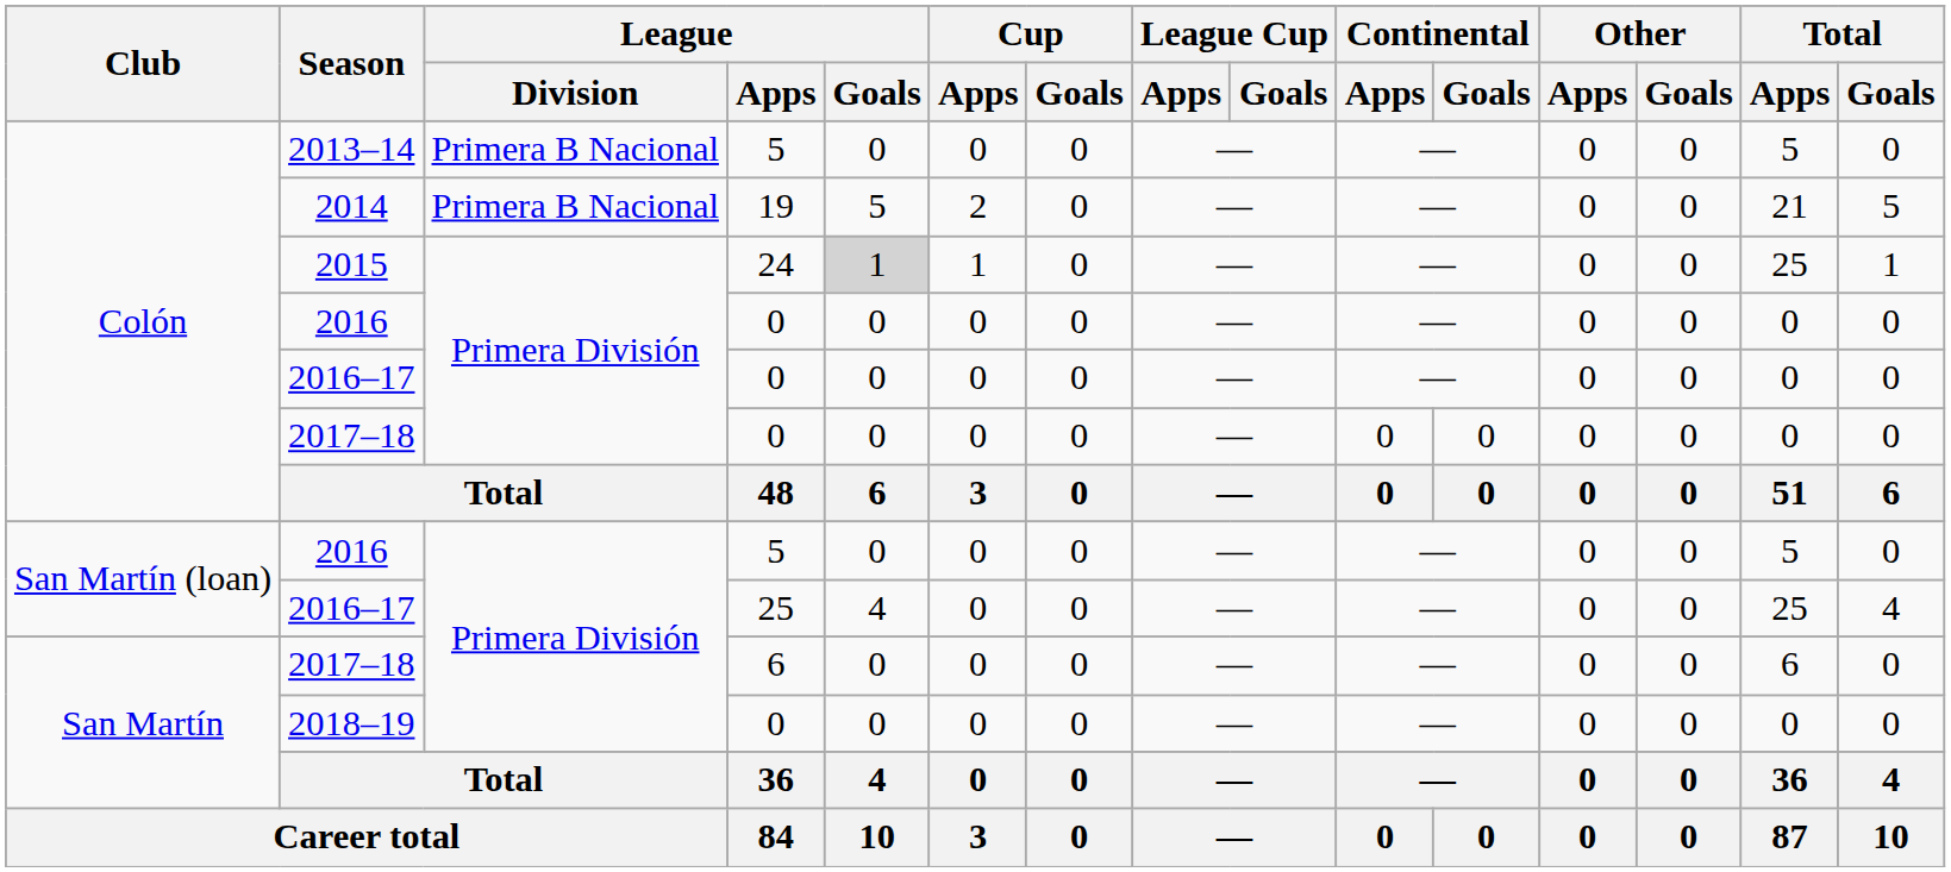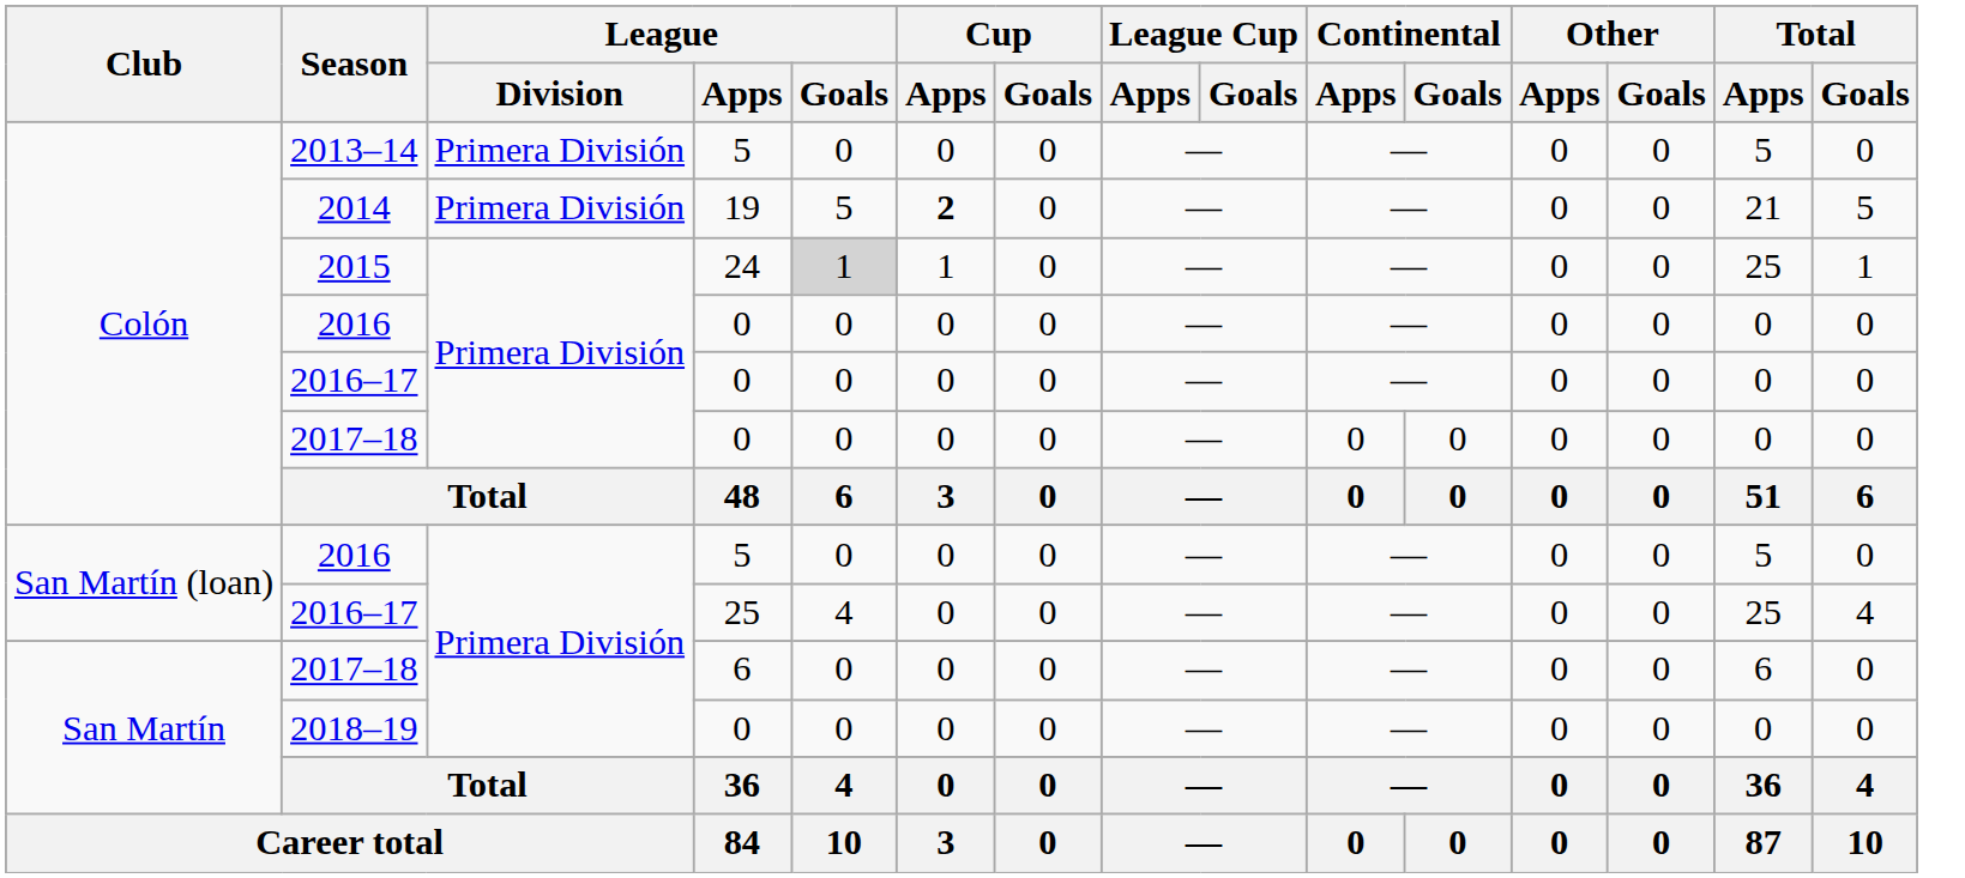 <table class="wikitable" style="text-align:center">
 <tr>
 <th rowspan="2">Club</th>
 <th rowspan="2">Season</th>
 <th colspan="3">League</th>
 <th colspan="2">Cup</th>
 <th colspan="2">League Cup</th>
 <th colspan="2">Continental</th>
 <th colspan="2">Other</th>
 <th colspan="2">Total</th>
 </tr>
 <tr>
 <th>Division</th>
 <th>Apps</th>
 <th>Goals</th>
 <th>Apps</th>
 <th>Goals</th>
 <th>Apps</th>
 <th>Goals</th>
 <th>Apps</th>
 <th>Goals</th>
 <th>Apps</th>
 <th>Goals</th>
 <th>Apps</th>
 <th>Goals</th>
 </tr>
 <tr>
 <td rowspan="7"><a href='#'>Colón</a></td>
 <td><a href='#'>2013–14</a></td>
-<td rowspan="1"><a href='#'>Primera B Nacional</a></td>
+<td rowspan="1"><a href='#'>Primera División</a></td>
 <td>5</td>
 <td>0</td>
 <td>0</td>
 <td>0</td>
 <td colspan="2">—</td>
 <td colspan="2">—</td>
 <td>0</td>
 <td>0</td>
 <td>5</td>
 <td>0</td>
 </tr>
 <tr>
 <td><a href='#'>2014</a></td>
-<td rowspan="1"><a href='#'>Primera B Nacional</a></td>
+<td rowspan="1"><a href='#'>Primera División</a></td>
 <td>19</td>
 <td>5</td>
-<td>2</td>
+<td><strong>2</strong></td>
 <td>0</td>
 <td colspan="2">—</td>
 <td colspan="2">—</td>
 <td>0</td>
 <td>0</td>
 <td>21</td>
 <td>5</td>
 </tr>
 <tr>
 <td><a href='#'>2015</a></td>
 <td rowspan="4"><a href='#'>Primera División</a></td>
 <td>24</td>
 <td style="background: lightgrey;">1</td>
 <td>1</td>
 <td>0</td>
 <td colspan="2">—</td>
 <td colspan="2">—</td>
 <td>0</td>
 <td>0</td>
 <td>25</td>
 <td>1</td>
 </tr>
 <tr>
 <td><a href='#'>2016</a></td>
 <td>0</td>
 <td>0</td>
 <td>0</td>
 <td>0</td>
 <td colspan="2">—</td>
 <td colspan="2">—</td>
 <td>0</td>
 <td>0</td>
 <td>0</td>
 <td>0</td>
 </tr>
 <tr>
 <td><a href='#'>2016–17</a></td>
 <td>0</td>
 <td>0</td>
 <td>0</td>
 <td>0</td>
 <td colspan="2">—</td>
 <td colspan="2">—</td>
 <td>0</td>
 <td>0</td>
 <td>0</td>
 <td>0</td>
 </tr>
 <tr>
 <td><a href='#'>2017–18</a></td>
 <td>0</td>
 <td>0</td>
 <td>0</td>
 <td>0</td>
 <td colspan="2">—</td>
 <td>0</td>
 <td>0</td>
 <td>0</td>
 <td>0</td>
 <td>0</td>
 <td>0</td>
 </tr>
 <tr>
 <th colspan="2">Total</th>
 <th>48</th>
 <th>6</th>
 <th>3</th>
 <th>0</th>
 <th colspan="2">—</th>
 <th>0</th>
 <th>0</th>
 <th>0</th>
 <th>0</th>
 <th>51</th>
 <th>6</th>
 </tr>
 <tr>
 <td rowspan="2"><a href='#'>San Martín</a> (loan)</td>
 <td><a href='#'>2016</a></td>
 <td rowspan="4"><a href='#'>Primera División</a></td>
 <td>5</td>
 <td>0</td>
 <td>0</td>
 <td>0</td>
 <td colspan="2">—</td>
 <td colspan="2">—</td>
 <td>0</td>
 <td>0</td>
 <td>5</td>
 <td>0</td>
 </tr>
 <tr>
 <td><a href='#'>2016–17</a></td>
 <td>25</td>
 <td>4</td>
 <td>0</td>
 <td>0</td>
 <td colspan="2">—</td>
 <td colspan="2">—</td>
 <td>0</td>
 <td>0</td>
 <td>25</td>
 <td>4</td>
 </tr>
 <tr>
 <td rowspan="3"><a href='#'>San Martín</a></td>
 <td><a href='#'>2017–18</a></td>
 <td>6</td>
 <td>0</td>
 <td>0</td>
 <td>0</td>
 <td colspan="2">—</td>
 <td colspan="2">—</td>
 <td>0</td>
 <td>0</td>
 <td>6</td>
 <td>0</td>
 </tr>
 <tr>
 <td><a href='#'>2018–19</a></td>
 <td>0</td>
 <td>0</td>
 <td>0</td>
 <td>0</td>
 <td colspan="2">—</td>
 <td colspan="2">—</td>
 <td>0</td>
 <td>0</td>
 <td>0</td>
 <td>0</td>
 </tr>
 <tr>
 <th colspan="2">Total</th>
 <th>36</th>
 <th>4</th>
 <th>0</th>
 <th>0</th>
 <th colspan="2">—</th>
 <th colspan="2">—</th>
 <th>0</th>
 <th>0</th>
 <th>36</th>
 <th>4</th>
 </tr>
 <tr>
 <th colspan="3">Career total</th>
 <th>84</th>
 <th>10</th>
 <th>3</th>
 <th>0</th>
 <th colspan="2">—</th>
 <th>0</th>
 <th>0</th>
 <th>0</th>
 <th>0</th>
 <th>87</th>
 <th>10</th>
 </tr>
 </table>
